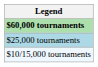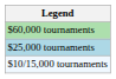 <table class=wikitable style=font-size:85%>
 <tr>
 <th>Legend</th>
 </tr>
 <tr style="background:#addfad;">
-<td><strong>$60,000 tournaments</strong></td>
+<td>$60,000 tournaments</td>
 </tr>
 <tr style="background:lightblue;">
 <td>$25,000 tournaments</td>
 </tr>
 <tr style="background:#f0f8ff;">
 <td>$10/15,000 tournaments</td>
 </tr>
 </table>
